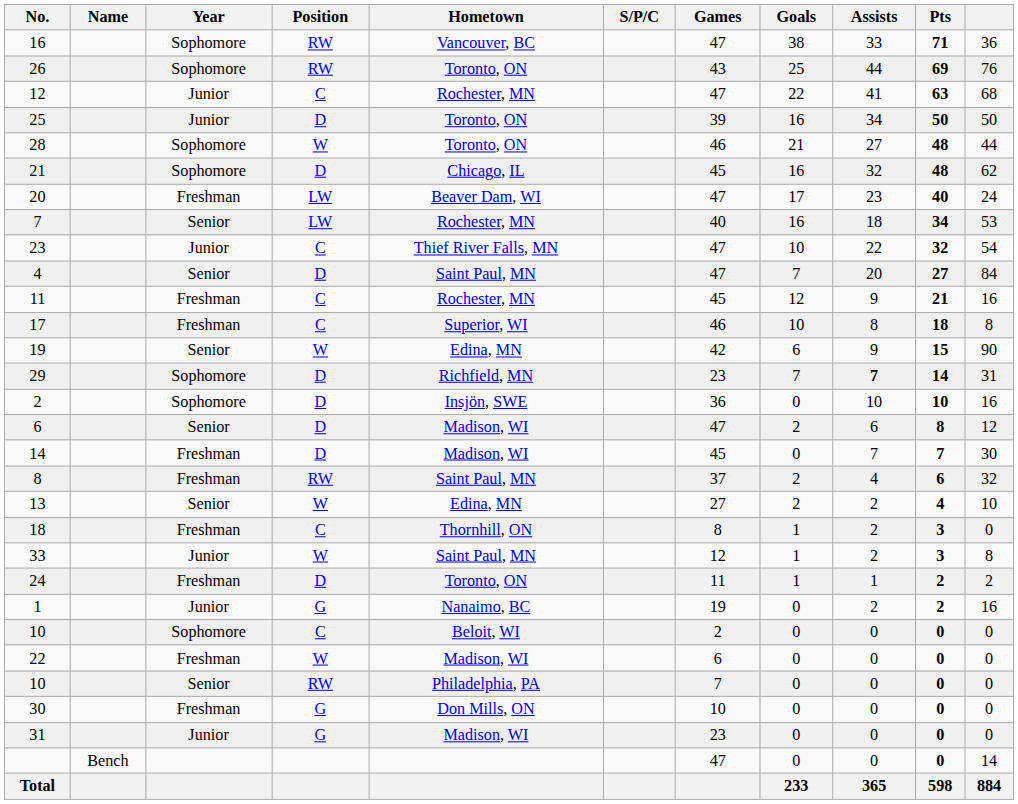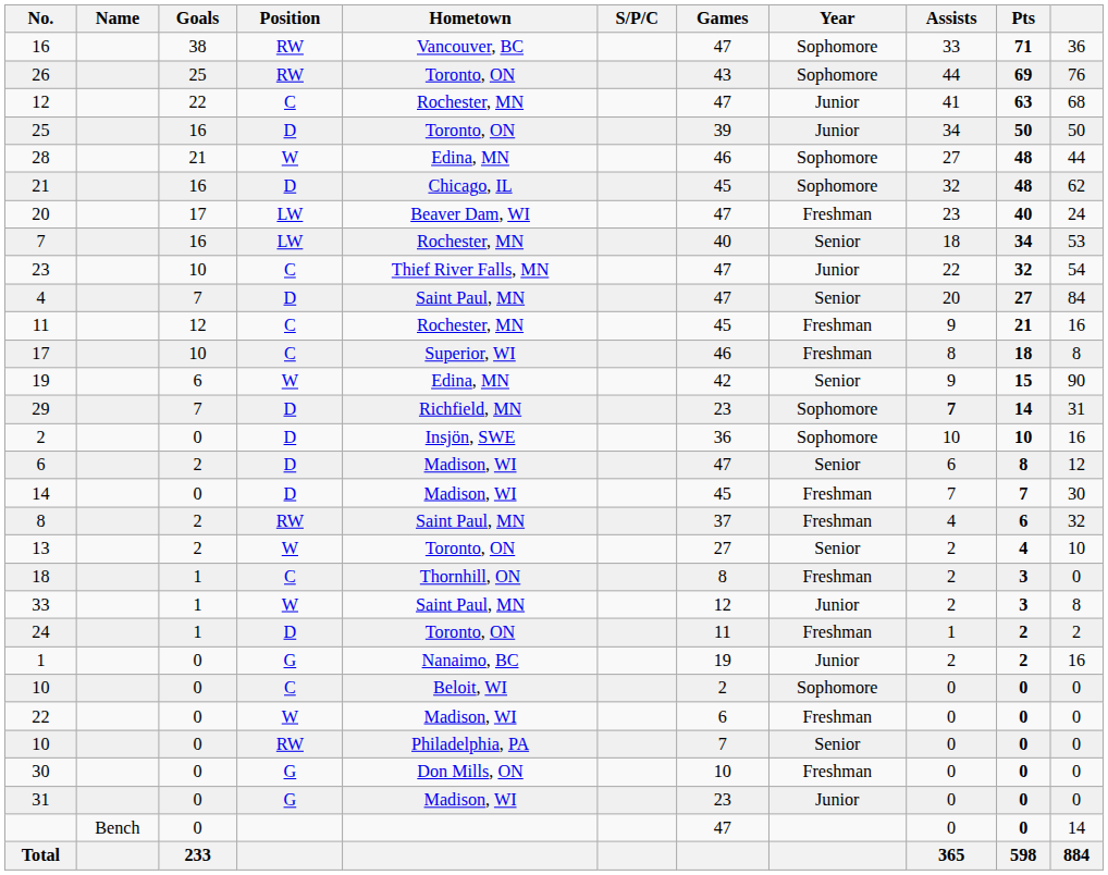 <table class="wikitable sortable" width ="1000">
 <tr align="center">
 <th><strong>No.</strong></th>
 <th><strong>Name</strong></th>
-<th><strong>Year</strong></th>
+<th><strong>Goals</strong></th>
 <th><strong>Position</strong></th>
 <th><strong>Hometown</strong></th>
 <th><strong>S/P/C</strong></th>
 <th><strong>Games</strong></th>
-<th><strong>Goals</strong></th>
+<th><strong>Year</strong></th>
 <th><strong>Assists</strong></th>
 <th><strong>Pts</strong></th>
 <th><strong><a href='#'></a></strong></th>
 </tr>
 <tr align="center" bgcolor="">
 <td>16</td>
 <td></td>
-<td>Sophomore</td>
+<td>38</td>
 <td><a href='#'>RW</a></td>
 <td><a href='#'>Vancouver</a>, <a href='#'>BC</a></td>
 <td></td>
 <td>47</td>
-<td>38</td>
+<td>Sophomore</td>
 <td>33</td>
 <td><strong>71</strong></td>
 <td>36</td>
 </tr>
 <tr align="center" bgcolor="#f0f0f0">
 <td>26</td>
 <td></td>
-<td>Sophomore</td>
+<td>25</td>
 <td><a href='#'>RW</a></td>
 <td><a href='#'>Toronto</a>, <a href='#'>ON</a></td>
 <td></td>
 <td>43</td>
-<td>25</td>
+<td>Sophomore</td>
 <td>44</td>
 <td><strong>69</strong></td>
 <td>76</td>
 </tr>
 <tr align="center" bgcolor="">
 <td>12</td>
 <td></td>
-<td>Junior</td>
+<td>22</td>
 <td><a href='#'>C</a></td>
 <td><a href='#'>Rochester</a>, <a href='#'>MN</a></td>
 <td></td>
 <td>47</td>
-<td>22</td>
+<td>Junior</td>
 <td>41</td>
 <td><strong>63</strong></td>
 <td>68</td>
 </tr>
 <tr align="center" bgcolor="#f0f0f0">
 <td>25</td>
 <td></td>
-<td>Junior</td>
+<td>16</td>
 <td><a href='#'>D</a></td>
 <td><a href='#'>Toronto</a>, <a href='#'>ON</a></td>
 <td></td>
 <td>39</td>
-<td>16</td>
+<td>Junior</td>
 <td>34</td>
 <td><strong>50</strong></td>
 <td>50</td>
 </tr>
 <tr align="center" bgcolor="">
 <td>28</td>
 <td></td>
-<td>Sophomore</td>
+<td>21</td>
 <td><a href='#'>W</a></td>
-<td><a href='#'>Toronto</a>, <a href='#'>ON</a></td>
+<td><a href='#'>Edina</a>, <a href='#'>MN</a></td>
 <td></td>
 <td>46</td>
-<td>21</td>
+<td>Sophomore</td>
 <td>27</td>
 <td><strong>48</strong></td>
 <td>44</td>
 </tr>
 <tr align="center" bgcolor="#f0f0f0">
 <td>21</td>
 <td></td>
-<td>Sophomore</td>
+<td>16</td>
 <td><a href='#'>D</a></td>
 <td><a href='#'>Chicago</a>, <a href='#'>IL</a></td>
 <td></td>
 <td>45</td>
-<td>16</td>
+<td>Sophomore</td>
 <td>32</td>
 <td><strong>48</strong></td>
 <td>62</td>
 </tr>
 <tr align="center" bgcolor=>
 <td>20</td>
 <td></td>
-<td>Freshman</td>
+<td>17</td>
 <td><a href='#'>LW</a></td>
 <td><a href='#'>Beaver Dam</a>, <a href='#'>WI</a></td>
 <td></td>
 <td>47</td>
-<td>17</td>
+<td>Freshman</td>
 <td>23</td>
 <td><strong>40</strong></td>
 <td>24</td>
 </tr>
 <tr align="center" bgcolor="#f0f0f0">
 <td>7</td>
 <td></td>
-<td>Senior</td>
+<td>16</td>
 <td><a href='#'>LW</a></td>
 <td><a href='#'>Rochester</a>, <a href='#'>MN</a></td>
 <td></td>
 <td>40</td>
-<td>16</td>
+<td>Senior</td>
 <td>18</td>
 <td><strong>34</strong></td>
 <td>53</td>
 </tr>
 <tr align="center" bgcolor="">
 <td>23</td>
 <td></td>
-<td>Junior</td>
+<td>10</td>
 <td><a href='#'>C</a></td>
 <td><a href='#'>Thief River Falls</a>, <a href='#'>MN</a></td>
 <td></td>
 <td>47</td>
-<td>10</td>
+<td>Junior</td>
 <td>22</td>
 <td><strong>32</strong></td>
 <td>54</td>
 </tr>
 <tr align="center" bgcolor="#f0f0f0">
 <td>4</td>
 <td></td>
-<td>Senior</td>
+<td>7</td>
 <td><a href='#'>D</a></td>
 <td><a href='#'>Saint Paul</a>, <a href='#'>MN</a></td>
 <td></td>
 <td>47</td>
-<td>7</td>
+<td>Senior</td>
 <td>20</td>
 <td><strong>27</strong></td>
 <td>84</td>
 </tr>
 <tr align="center" bgcolor="">
 <td>11</td>
 <td></td>
-<td>Freshman</td>
+<td>12</td>
 <td><a href='#'>C</a></td>
 <td><a href='#'>Rochester</a>, <a href='#'>MN</a></td>
 <td></td>
 <td>45</td>
-<td>12</td>
+<td>Freshman</td>
 <td>9</td>
 <td><strong>21</strong></td>
 <td>16</td>
 </tr>
 <tr align="center" bgcolor="#f0f0f0">
 <td>17</td>
 <td></td>
-<td>Freshman</td>
+<td>10</td>
 <td><a href='#'>C</a></td>
 <td><a href='#'>Superior</a>, <a href='#'>WI</a></td>
 <td></td>
 <td>46</td>
-<td>10</td>
+<td>Freshman</td>
 <td>8</td>
 <td><strong>18</strong></td>
 <td>8</td>
 </tr>
 <tr align="center" bgcolor="">
 <td>19</td>
 <td></td>
-<td>Senior</td>
+<td>6</td>
 <td><a href='#'>W</a></td>
 <td><a href='#'>Edina</a>, <a href='#'>MN</a></td>
 <td></td>
 <td>42</td>
-<td>6</td>
+<td>Senior</td>
 <td>9</td>
 <td><strong>15</strong></td>
 <td>90</td>
 </tr>
 <tr align="center" bgcolor="#f0f0f0">
 <td>29</td>
 <td></td>
-<td>Sophomore</td>
+<td>7</td>
 <td><a href='#'>D</a></td>
 <td><a href='#'>Richfield</a>, <a href='#'>MN</a></td>
 <td></td>
 <td>23</td>
-<td>7</td>
+<td>Sophomore</td>
 <td><strong>7</strong></td>
 <td><strong>14</strong></td>
 <td>31</td>
 </tr>
 <tr align="center" bgcolor="">
 <td>2</td>
 <td></td>
-<td>Sophomore</td>
+<td>0</td>
 <td><a href='#'>D</a></td>
 <td><a href='#'>Insjön</a>, <a href='#'>SWE</a></td>
 <td></td>
 <td>36</td>
-<td>0</td>
+<td>Sophomore</td>
 <td>10</td>
 <td><strong>10</strong></td>
 <td>16</td>
 </tr>
 <tr align="center" bgcolor="#f0f0f0">
 <td>6</td>
 <td></td>
-<td>Senior</td>
+<td>2</td>
 <td><a href='#'>D</a></td>
 <td><a href='#'>Madison</a>, <a href='#'>WI</a></td>
 <td></td>
 <td>47</td>
-<td>2</td>
+<td>Senior</td>
 <td>6</td>
 <td><strong>8</strong></td>
 <td>12</td>
 </tr>
 <tr align="center" bgcolor="">
 <td>14</td>
 <td></td>
-<td>Freshman</td>
+<td>0</td>
 <td><a href='#'>D</a></td>
 <td><a href='#'>Madison</a>, <a href='#'>WI</a></td>
 <td></td>
 <td>45</td>
-<td>0</td>
+<td>Freshman</td>
 <td>7</td>
 <td><strong>7</strong></td>
 <td>30</td>
 </tr>
 <tr align="center" bgcolor="#f0f0f0">
 <td>8</td>
 <td></td>
-<td>Freshman</td>
+<td>2</td>
 <td><a href='#'>RW</a></td>
 <td><a href='#'>Saint Paul</a>, <a href='#'>MN</a></td>
 <td></td>
 <td>37</td>
-<td>2</td>
+<td>Freshman</td>
 <td>4</td>
 <td><strong>6</strong></td>
 <td>32</td>
 </tr>
 <tr align="center" bgcolor="">
 <td>13</td>
 <td></td>
-<td>Senior</td>
+<td>2</td>
 <td><a href='#'>W</a></td>
-<td><a href='#'>Edina</a>, <a href='#'>MN</a></td>
+<td><a href='#'>Toronto</a>, <a href='#'>ON</a></td>
 <td></td>
 <td>27</td>
-<td>2</td>
+<td>Senior</td>
 <td>2</td>
 <td><strong>4</strong></td>
 <td>10</td>
 </tr>
 <tr align="center" bgcolor="#f0f0f0">
 <td>18</td>
 <td></td>
-<td>Freshman</td>
+<td>1</td>
 <td><a href='#'>C</a></td>
 <td><a href='#'>Thornhill</a>, <a href='#'>ON</a></td>
 <td></td>
 <td>8</td>
-<td>1</td>
+<td>Freshman</td>
 <td>2</td>
 <td><strong>3</strong></td>
 <td>0</td>
 </tr>
 <tr align="center" bgcolor="">
 <td>33</td>
 <td></td>
-<td>Junior</td>
+<td>1</td>
 <td><a href='#'>W</a></td>
 <td><a href='#'>Saint Paul</a>, <a href='#'>MN</a></td>
 <td></td>
 <td>12</td>
-<td>1</td>
+<td>Junior</td>
 <td>2</td>
 <td><strong>3</strong></td>
 <td>8</td>
 </tr>
 <tr align="center" bgcolor="#f0f0f0">
 <td>24</td>
 <td></td>
-<td>Freshman</td>
+<td>1</td>
 <td><a href='#'>D</a></td>
 <td><a href='#'>Toronto</a>, <a href='#'>ON</a></td>
 <td></td>
 <td>11</td>
-<td>1</td>
+<td>Freshman</td>
 <td>1</td>
 <td><strong>2</strong></td>
 <td>2</td>
 </tr>
 <tr align="center" bgcolor="">
 <td>1</td>
 <td></td>
-<td>Junior</td>
+<td>0</td>
 <td><a href='#'>G</a></td>
 <td><a href='#'>Nanaimo</a>, <a href='#'>BC</a></td>
 <td></td>
 <td>19</td>
-<td>0</td>
+<td>Junior</td>
 <td>2</td>
 <td><strong>2</strong></td>
 <td>16</td>
 </tr>
 <tr align="center" bgcolor="#f0f0f0">
 <td>10</td>
 <td></td>
-<td>Sophomore</td>
+<td>0</td>
 <td><a href='#'>C</a></td>
 <td><a href='#'>Beloit</a>, <a href='#'>WI</a></td>
 <td></td>
 <td>2</td>
-<td>0</td>
+<td>Sophomore</td>
 <td>0</td>
 <td><strong>0</strong></td>
 <td>0</td>
 </tr>
 <tr align="center" bgcolor="">
 <td>22</td>
 <td></td>
-<td>Freshman</td>
+<td>0</td>
 <td><a href='#'>W</a></td>
 <td><a href='#'>Madison</a>, <a href='#'>WI</a></td>
 <td></td>
 <td>6</td>
-<td>0</td>
+<td>Freshman</td>
 <td>0</td>
 <td><strong>0</strong></td>
 <td>0</td>
 </tr>
 <tr align="center" bgcolor="#f0f0f0">
 <td>10</td>
 <td></td>
-<td>Senior</td>
+<td>0</td>
 <td><a href='#'>RW</a></td>
 <td><a href='#'>Philadelphia</a>, <a href='#'>PA</a></td>
 <td></td>
 <td>7</td>
-<td>0</td>
+<td>Senior</td>
 <td>0</td>
 <td><strong>0</strong></td>
 <td>0</td>
 </tr>
 <tr align="center" bgcolor="">
 <td>30</td>
 <td></td>
-<td>Freshman</td>
+<td>0</td>
 <td><a href='#'>G</a></td>
 <td><a href='#'>Don Mills</a>, <a href='#'>ON</a></td>
 <td></td>
 <td>10</td>
-<td>0</td>
+<td>Freshman</td>
 <td>0</td>
 <td><strong>0</strong></td>
 <td>0</td>
 </tr>
 <tr align="center" bgcolor="#f0f0f0">
 <td>31</td>
 <td></td>
-<td>Junior</td>
+<td>0</td>
 <td><a href='#'>G</a></td>
 <td><a href='#'>Madison</a>, <a href='#'>WI</a></td>
 <td></td>
 <td>23</td>
-<td>0</td>
+<td>Junior</td>
 <td>0</td>
 <td><strong>0</strong></td>
 <td>0</td>
 </tr>
 <tr align="center" bgcolor=>
 <td></td>
 <td>Bench</td>
-<td></td>
+<td>0</td>
 <td></td>
 <td></td>
 <td></td>
 <td>47</td>
-<td>0</td>
+<td></td>
 <td>0</td>
 <td><strong>0</strong></td>
 <td>14</td>
 </tr>
 <tr>
 <th>Total</th>
 <th></th>
+<th>233</th>
 <th></th>
 <th></th>
 <th></th>
 <th></th>
 <th></th>
-<th>233</th>
 <th>365</th>
 <th>598</th>
 <th>884</th>
 </tr>
 </table>
